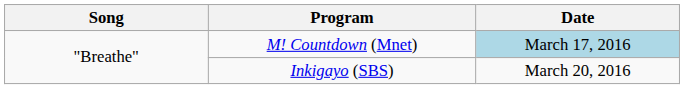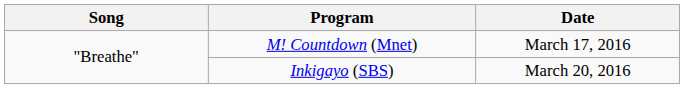 <table class="wikitable" style="text-align:center; width:650px;">
 <tr>
 <th style="width:150px;">Song</th>
 <th style="width:200px;">Program</th>
 <th style="width:150px;">Date</th>
 </tr>
 <tr>
 <td rowspan="2">"Breathe"</td>
 <td><em><a href='#'>M! Countdown</a></em> (<a href='#'>Mnet</a>)</td>
-<td style="background: lightblue;">March 17, 2016</td>
+<td>March 17, 2016</td>
 </tr>
 <tr>
 <td><em><a href='#'>Inkigayo</a></em> (<a href='#'>SBS</a>)</td>
 <td>March 20, 2016</td>
 </tr>
 </table>
